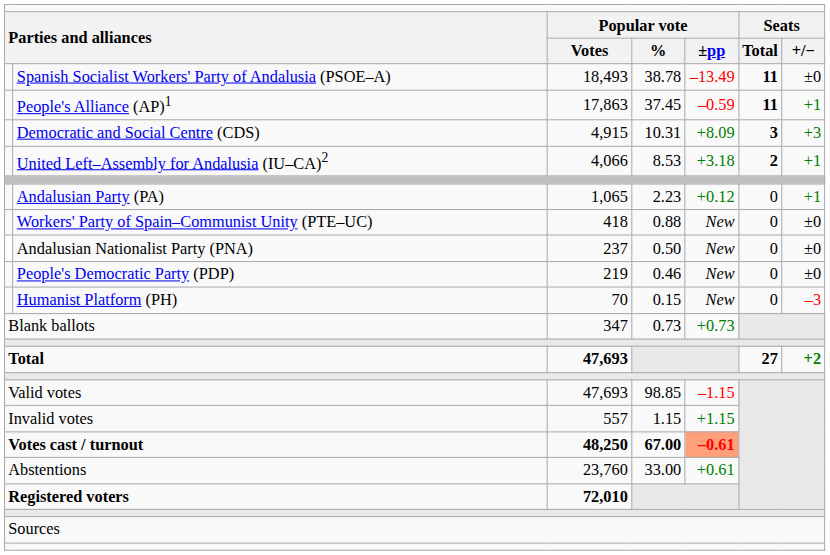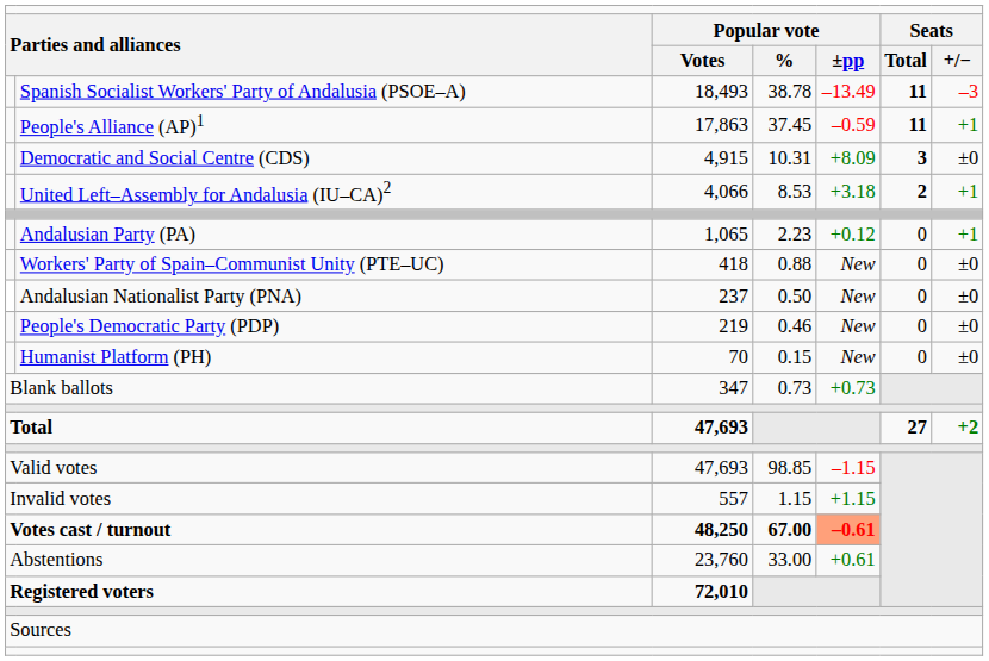 <table class="wikitable" style="text-align:right;">
 <tr>
 <td colspan="7"></td>
 </tr>
 <tr>
 <th style="text-align:left;" rowspan="2" colspan="2" width="525">Parties and alliances</th>
 <th colspan="3">Popular vote</th>
 <th colspan="2">Seats</th>
 </tr>
 <tr>
 <th width="75">Votes</th>
 <th width="45">%</th>
 <th width="45">±<a href='#'>pp</a></th>
 <th width="35">Total</th>
 <th width="35">+/−</th>
 </tr>
 <tr>
 <td width="1" style="color:inherit;background:"></td>
 <td align="left"><a href='#'>Spanish Socialist Workers' Party of Andalusia</a> (PSOE–A)</td>
 <td>18,493</td>
 <td>38.78</td>
 <td style="color:red;">–13.49</td>
 <td><strong>11</strong></td>
-<td>±0</td>
+<td style="color:red;">–3</td>
 </tr>
 <tr>
 <td style="color:inherit;background:"></td>
 <td align="left"><a href='#'>People's Alliance</a> (AP)<sup>1</sup></td>
 <td>17,863</td>
 <td>37.45</td>
 <td style="color:red;">–0.59</td>
 <td><strong>11</strong></td>
 <td style="color:green;">+1</td>
 </tr>
 <tr>
 <td style="color:inherit;background:"></td>
 <td align="left"><a href='#'>Democratic and Social Centre</a> (CDS)</td>
 <td>4,915</td>
 <td>10.31</td>
 <td style="color:green;">+8.09</td>
 <td><strong>3</strong></td>
-<td style="color:green;">+3</td>
+<td>±0</td>
 </tr>
 <tr>
 <td style="color:inherit;background:"></td>
 <td align="left"><a href='#'>United Left–Assembly for Andalusia</a> (IU–CA)<sup>2</sup></td>
 <td>4,066</td>
 <td>8.53</td>
 <td style="color:green;">+3.18</td>
 <td><strong>2</strong></td>
 <td style="color:green;">+1</td>
 </tr>
 <tr>
 <td colspan="7" bgcolor="#C0C0C0"></td>
 </tr>
 <tr>
 <td style="color:inherit;background:"></td>
 <td align="left"><a href='#'>Andalusian Party</a> (PA)</td>
 <td>1,065</td>
 <td>2.23</td>
 <td style="color:green;">+0.12</td>
 <td>0</td>
 <td style="color:green;">+1</td>
 </tr>
 <tr>
 <td style="color:inherit;background:"></td>
 <td align="left"><a href='#'>Workers' Party of Spain–Communist Unity</a> (PTE–UC)</td>
 <td>418</td>
 <td>0.88</td>
 <td><em>New</em></td>
 <td>0</td>
 <td>±0</td>
 </tr>
 <tr>
 <td bgcolor="white"></td>
 <td align="left">Andalusian Nationalist Party (PNA)</td>
 <td>237</td>
 <td>0.50</td>
 <td><em>New</em></td>
 <td>0</td>
 <td>±0</td>
 </tr>
 <tr>
 <td style="color:inherit;background:"></td>
 <td align="left"><a href='#'>People's Democratic Party</a> (PDP)</td>
 <td>219</td>
 <td>0.46</td>
 <td><em>New</em></td>
 <td>0</td>
 <td>±0</td>
 </tr>
 <tr>
 <td style="color:inherit;background:"></td>
 <td align="left"><a href='#'>Humanist Platform</a> (PH)</td>
 <td>70</td>
 <td>0.15</td>
 <td><em>New</em></td>
 <td>0</td>
-<td style="color:red;">–3</td>
+<td>±0</td>
 </tr>
 <tr>
 <td align="left" colspan="2">Blank ballots</td>
 <td>347</td>
 <td>0.73</td>
 <td style="color:green;">+0.73</td>
 <td bgcolor="#E9E9E9" colspan="2"></td>
 </tr>
 <tr>
 <td colspan="7" bgcolor="#E9E9E9"></td>
 </tr>
 <tr style="font-weight:bold;">
 <td align="left" colspan="2">Total</td>
 <td>47,693</td>
 <td bgcolor="#E9E9E9" colspan="2"></td>
 <td>27</td>
 <td style="color:green;">+2</td>
 </tr>
 <tr>
 <td colspan="7" bgcolor="#E9E9E9"></td>
 </tr>
 <tr>
 <td align="left" colspan="2">Valid votes</td>
 <td>47,693</td>
 <td>98.85</td>
 <td style="color:red;">–1.15</td>
 <td bgcolor="#E9E9E9" colspan="2" rowspan="5"></td>
 </tr>
 <tr>
 <td align="left" colspan="2">Invalid votes</td>
 <td>557</td>
 <td>1.15</td>
 <td style="color:green;">+1.15</td>
 </tr>
 <tr style="font-weight:bold;">
 <td align="left" colspan="2">Votes cast / turnout</td>
 <td>48,250</td>
 <td>67.00</td>
 <td style="background: lightsalmon; color:red;">–0.61</td>
 </tr>
 <tr>
 <td align="left" colspan="2">Abstentions</td>
 <td>23,760</td>
 <td>33.00</td>
 <td style="color:green;">+0.61</td>
 </tr>
 <tr style="font-weight:bold;">
 <td align="left" colspan="2">Registered voters</td>
 <td>72,010</td>
 <td bgcolor="#E9E9E9" colspan="2"></td>
 </tr>
 <tr>
 <td colspan="7" bgcolor="#E9E9E9"></td>
 </tr>
 <tr>
 <td align="left" colspan="7">Sources</td>
 </tr>
 <tr>
 <td colspan="7" style="text-align:left; max-width:790px;"></td>
 </tr>
 </table>
